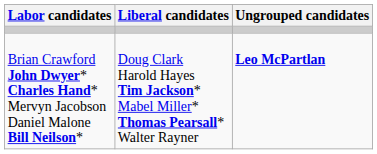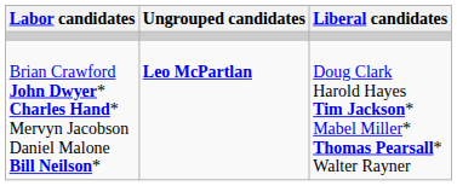 <table class="wikitable">
 <tr>
 <th><a href='#'>Labor</a> candidates</th>
+<th>Ungrouped candidates</th>
 <th><a href='#'>Liberal</a> candidates</th>
-<th>Ungrouped candidates</th>
 </tr>
 <tr bgcolor="#cccccc">
 <td></td>
 <td></td>
 <td></td>
 </tr>
 <tr>
 <td><br><a href='#'>Brian Crawford</a><br> <strong><a href='#'>John Dwyer</a></strong>*<br> <strong><a href='#'>Charles Hand</a></strong>*<br> Mervyn Jacobson<br> Daniel Malone<br> <strong><a href='#'>Bill Neilson</a></strong>*</td>
+<td valign=top><br><strong><a href='#'>Leo McPartlan</a></strong></td>
 <td><br><a href='#'>Doug Clark</a><br> Harold Hayes<br> <strong><a href='#'>Tim Jackson</a></strong>*<br> <a href='#'>Mabel Miller</a>*<br> <strong><a href='#'>Thomas Pearsall</a></strong>*<br> Walter Rayner</td>
-<td valign=top><br><strong><a href='#'>Leo McPartlan</a></strong></td>
 </tr>
 </table>
